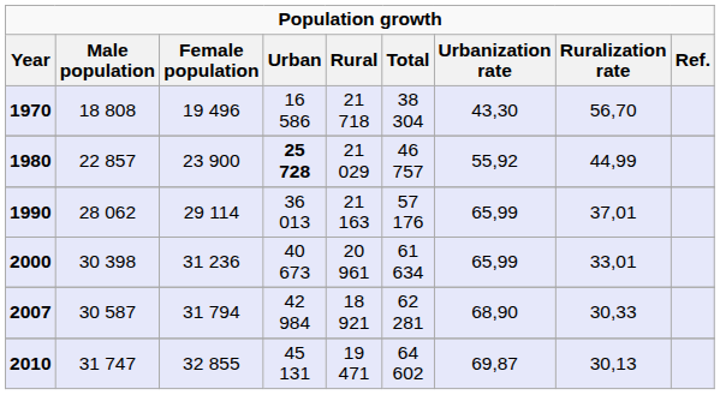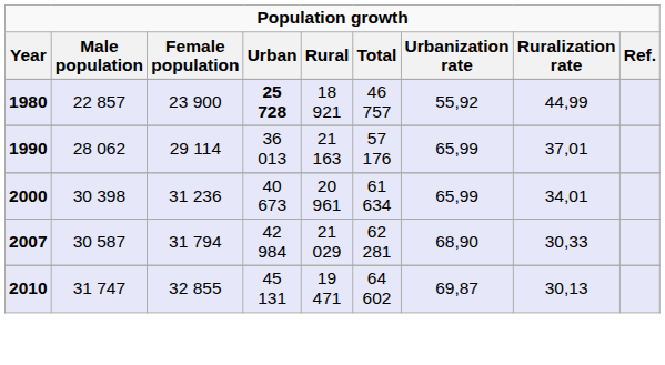 <table class="wikitable" style="text-align:center">
 <tr>
 <td colspan=9><strong>Population growth</strong></td>
 </tr>
 <tr>
 <th><strong>Year</strong></th>
 <th><strong>Male population</strong></th>
 <th><strong>Female population</strong></th>
 <th><strong>Urban</strong></th>
 <th><strong>Rural</strong></th>
 <th><strong>Total</strong></th>
 <th><strong>Urbanization rate</strong></th>
 <th><strong>Ruralization rate</strong></th>
 <th><abbr>Ref.</abbr></th>
 </tr>
-<tr style="background:#E6E8FA">
-<td><strong>1970</strong></td>
-<td>18 808</td>
-<td>19 496</td>
-<td>16 586</td>
-<td>21 718</td>
-<td>38 304</td>
-<td>43,30</td>
-<td>56,70</td>
-<td></td>
-</tr>
 <tr>
 </tr>
 <tr style="background: #E6E8FA">
 <td><strong>1980</strong></td>
 <td>22 857</td>
 <td>23 900</td>
 <td><strong>25 728</strong></td>
-<td>21 029</td>
+<td>18 921</td>
 <td>46 757</td>
 <td>55,92</td>
 <td>44,99</td>
 <td></td>
 </tr>
 <tr>
 </tr>
 <tr style="background: #E6E8FA">
 <td><strong>1990</strong></td>
 <td>28 062</td>
 <td>29 114</td>
 <td>36 013</td>
 <td>21 163</td>
 <td>57 176</td>
 <td>65,99</td>
 <td>37,01</td>
 <td></td>
 </tr>
 <tr>
 </tr>
 <tr style="background: #E6E8FA">
 <td><strong>2000</strong></td>
 <td>30 398</td>
 <td>31 236</td>
 <td>40 673</td>
 <td>20 961</td>
 <td>61 634</td>
 <td>65,99</td>
-<td>33,01</td>
+<td>34,01</td>
 <td></td>
 </tr>
 <tr>
 </tr>
 <tr style="background: #E6E8FA">
 <td><strong>2007</strong></td>
 <td>30 587</td>
 <td>31 794</td>
 <td>42 984</td>
-<td>18 921</td>
+<td>21 029</td>
 <td>62 281</td>
 <td>68,90</td>
 <td>30,33</td>
 <td></td>
 </tr>
 <tr>
 </tr>
 <tr style="background: #E6E8FA">
 <td><strong>2010</strong></td>
 <td>31 747</td>
 <td>32 855</td>
 <td>45 131</td>
 <td>19 471</td>
 <td>64 602</td>
 <td>69,87</td>
 <td>30,13</td>
 <td></td>
 </tr>
 </table>
